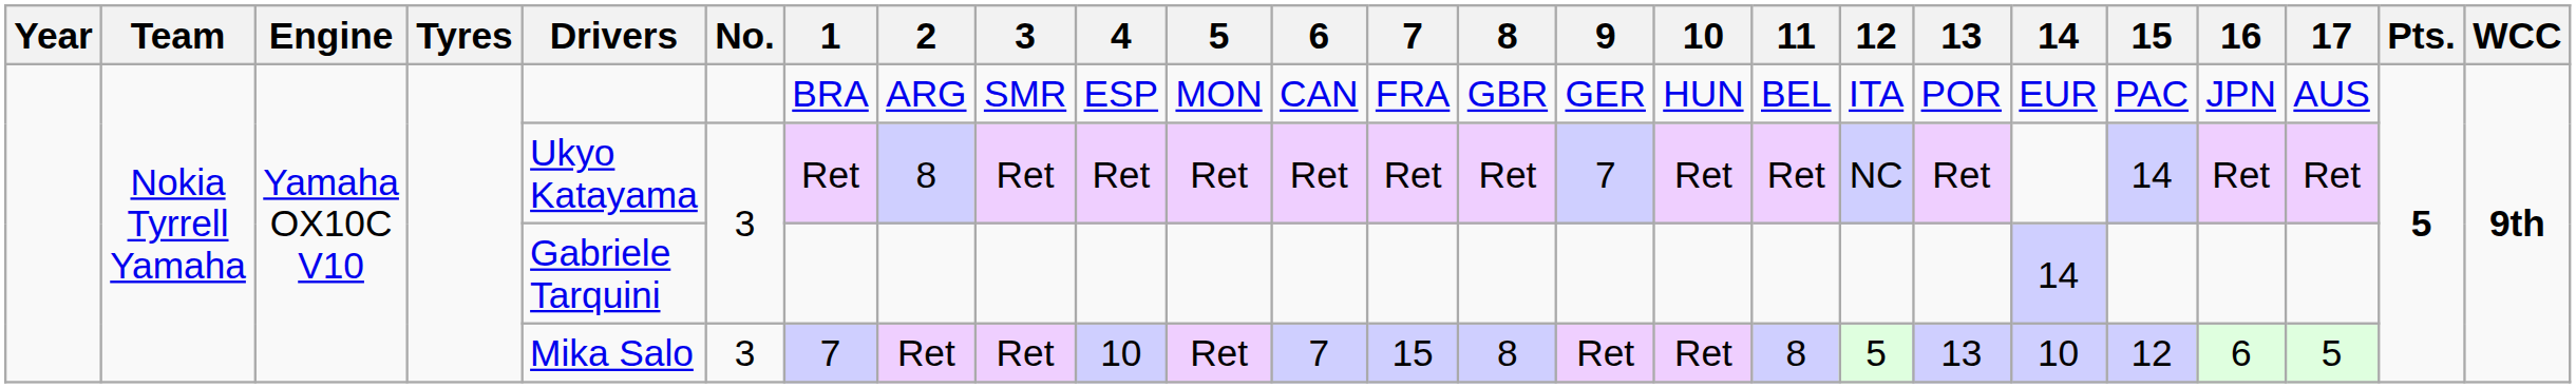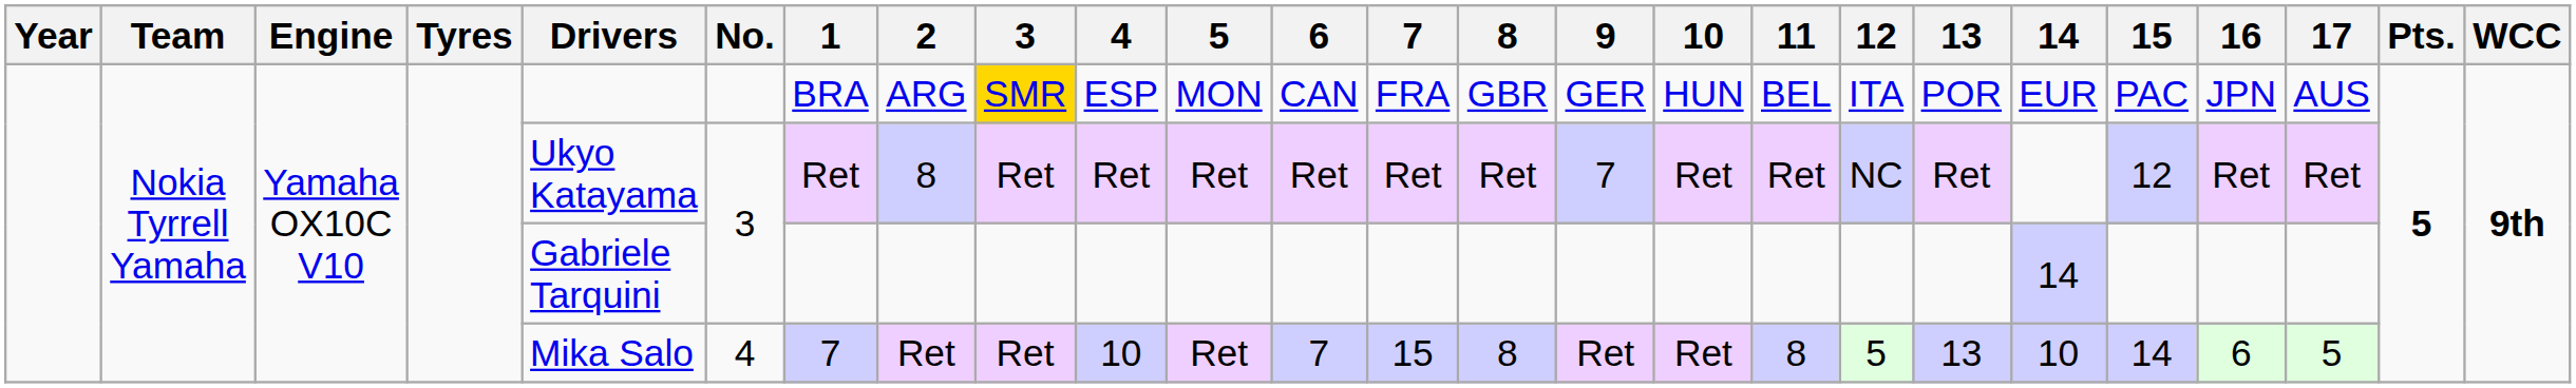 <table class="wikitable" style="text-align:center; font-size:95%">
 <tr>
 <th>Year</th>
 <th>Team</th>
 <th>Engine</th>
 <th>Tyres</th>
 <th>Drivers</th>
 <th>No.</th>
 <th>1</th>
 <th>2</th>
 <th>3</th>
 <th>4</th>
 <th>5</th>
 <th>6</th>
 <th>7</th>
 <th>8</th>
 <th>9</th>
 <th>10</th>
 <th>11</th>
 <th>12</th>
 <th>13</th>
 <th>14</th>
 <th>15</th>
 <th>16</th>
 <th>17</th>
 <th>Pts.</th>
 <th>WCC</th>
 </tr>
 <tr>
 <td rowspan="4"></td>
 <td rowspan="4"><a href='#'>Nokia Tyrrell Yamaha</a></td>
 <td rowspan="4"><a href='#'>Yamaha</a> OX10C<br><a href='#'>V10</a></td>
 <td rowspan="4"></td>
 <td></td>
 <td></td>
 <td><a href='#'>BRA</a></td>
 <td><a href='#'>ARG</a></td>
-<td><a href='#'>SMR</a></td>
+<td style="background: gold;"><a href='#'>SMR</a></td>
 <td><a href='#'>ESP</a></td>
 <td><a href='#'>MON</a></td>
 <td><a href='#'>CAN</a></td>
 <td><a href='#'>FRA</a></td>
 <td><a href='#'>GBR</a></td>
 <td><a href='#'>GER</a></td>
 <td><a href='#'>HUN</a></td>
 <td><a href='#'>BEL</a></td>
 <td><a href='#'>ITA</a></td>
 <td><a href='#'>POR</a></td>
 <td><a href='#'>EUR</a></td>
 <td><a href='#'>PAC</a></td>
 <td><a href='#'>JPN</a></td>
 <td><a href='#'>AUS</a></td>
 <td rowspan="4"><strong>5</strong></td>
 <td rowspan="4"><strong>9th</strong></td>
 </tr>
 <tr>
 <td align="left"><a href='#'>Ukyo Katayama</a></td>
 <td rowspan="2">3</td>
 <td style="background:#EFCFFF;">Ret</td>
 <td style="background:#CFCFFF;">8</td>
 <td style="background:#EFCFFF;">Ret</td>
 <td style="background:#EFCFFF;">Ret</td>
 <td style="background:#EFCFFF;">Ret</td>
 <td style="background:#EFCFFF;">Ret</td>
 <td style="background:#EFCFFF;">Ret</td>
 <td style="background:#EFCFFF;">Ret</td>
 <td style="background:#CFCFFF;">7</td>
 <td style="background:#EFCFFF;">Ret</td>
 <td style="background:#EFCFFF;">Ret</td>
 <td style="background:#CFCFFF;">NC</td>
 <td style="background:#EFCFFF;">Ret</td>
 <td></td>
-<td style="background:#CFCFFF;">14</td>
+<td style="background:#CFCFFF;">12</td>
 <td style="background:#EFCFFF;">Ret</td>
 <td style="background:#EFCFFF;">Ret</td>
 </tr>
 <tr>
 <td align="left"><a href='#'>Gabriele Tarquini</a></td>
 <td></td>
 <td></td>
 <td></td>
 <td></td>
 <td></td>
 <td></td>
 <td></td>
 <td></td>
 <td></td>
 <td></td>
 <td></td>
 <td></td>
 <td></td>
 <td style="background:#CFCFFF;">14</td>
 <td></td>
 <td></td>
 <td></td>
 </tr>
 <tr>
 <td align="left"><a href='#'>Mika Salo</a></td>
-<td>3</td>
+<td>4</td>
 <td style="background:#CFCFFF;">7</td>
 <td style="background:#EFCFFF;">Ret</td>
 <td style="background:#EFCFFF;">Ret</td>
 <td style="background:#CFCFFF;">10</td>
 <td style="background:#EFCFFF;">Ret</td>
 <td style="background:#CFCFFF;">7</td>
 <td style="background:#CFCFFF;">15</td>
 <td style="background:#CFCFFF;">8</td>
 <td style="background:#EFCFFF;">Ret</td>
 <td style="background:#EFCFFF;">Ret</td>
 <td style="background:#CFCFFF;">8</td>
 <td style="background:#DFFFDF;">5</td>
 <td style="background:#CFCFFF;">13</td>
 <td style="background:#CFCFFF;">10</td>
-<td style="background:#CFCFFF;">12</td>
+<td style="background:#CFCFFF;">14</td>
 <td style="background:#DFFFDF;">6</td>
 <td style="background:#DFFFDF;">5</td>
 </tr>
 </table>
